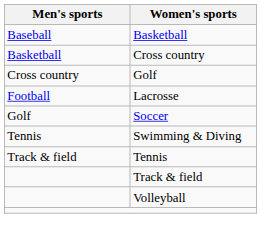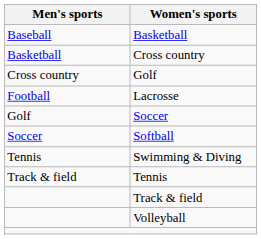 <table class="wikitable" style=" ">
 <tr>
 <th width=150px>Men's sports</th>
 <th width=150px>Women's sports</th>
 </tr>
 <tr>
 <td><a href='#'>Baseball</a></td>
 <td><a href='#'>Basketball</a></td>
 </tr>
 <tr>
 <td><a href='#'>Basketball</a></td>
 <td>Cross country</td>
 </tr>
 <tr>
 <td>Cross country</td>
 <td>Golf</td>
 </tr>
 <tr>
 <td><a href='#'>Football</a></td>
 <td>Lacrosse</td>
 </tr>
 <tr>
 <td>Golf</td>
 <td><a href='#'>Soccer</a></td>
 </tr>
 <tr>
+<td><a href='#'>Soccer</a></td>
+<td><a href='#'>Softball</a></td>
+</tr>
+<tr>
 <td>Tennis</td>
 <td>Swimming & Diving</td>
 </tr>
 <tr>
 <td>Track & field</td>
 <td>Tennis</td>
 </tr>
 <tr>
 <td></td>
 <td>Track & field</td>
 </tr>
 <tr>
 <td></td>
 <td>Volleyball</td>
 </tr>
 <tr>
 <td colspan="2"></td>
 </tr>
 </table>
